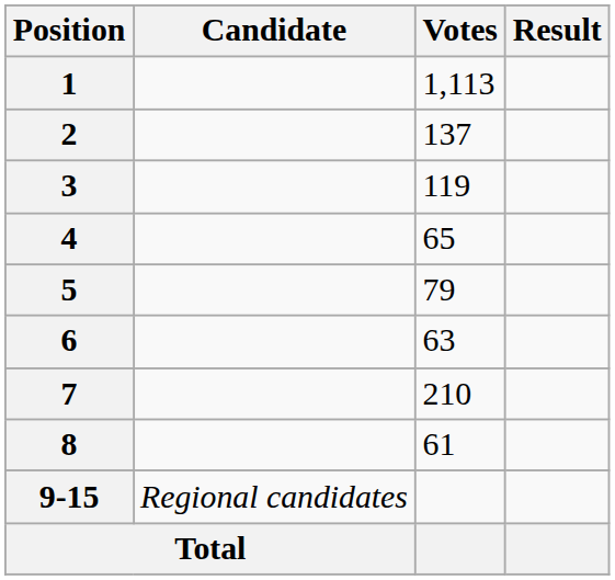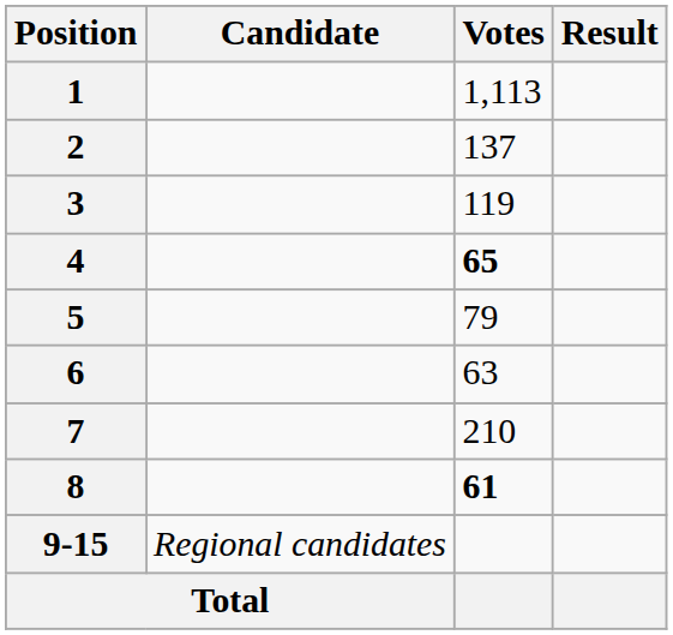 <table class="wikitable sortable col3right">
 <tr>
 <th scope="col">Position</th>
 <th scope="col">Candidate</th>
 <th scope="col">Votes</th>
 <th scope="col">Result</th>
 </tr>
 <tr>
 <th scope="row">1</th>
 <td></td>
 <td>1,113</td>
 <td></td>
 </tr>
 <tr>
 <th scope="row">2</th>
 <td></td>
 <td>137</td>
 <td></td>
 </tr>
 <tr>
 <th scope="row">3</th>
 <td></td>
 <td>119</td>
 <td></td>
 </tr>
 <tr>
 <th scope="row">4</th>
 <td></td>
-<td>65</td>
+<td><strong>65</strong></td>
 <td></td>
 </tr>
 <tr>
 <th scope="row">5</th>
 <td></td>
 <td>79</td>
 <td></td>
 </tr>
 <tr>
 <th scope="row">6</th>
 <td></td>
 <td>63</td>
 <td></td>
 </tr>
 <tr>
 <th scope="row">7</th>
 <td></td>
 <td>210</td>
 <td></td>
 </tr>
 <tr>
 <th scope="row">8</th>
 <td></td>
-<td>61</td>
+<td><strong>61</strong></td>
 <td></td>
 </tr>
 <tr>
 <th scope="row">9-15</th>
 <td><em>Regional candidates</em></td>
 <td></td>
 <td></td>
 </tr>
 <tr class="sortbottom">
 <th scope="row" colspan="2">Total</th>
 <th></th>
 <th></th>
 </tr>
 </table>
